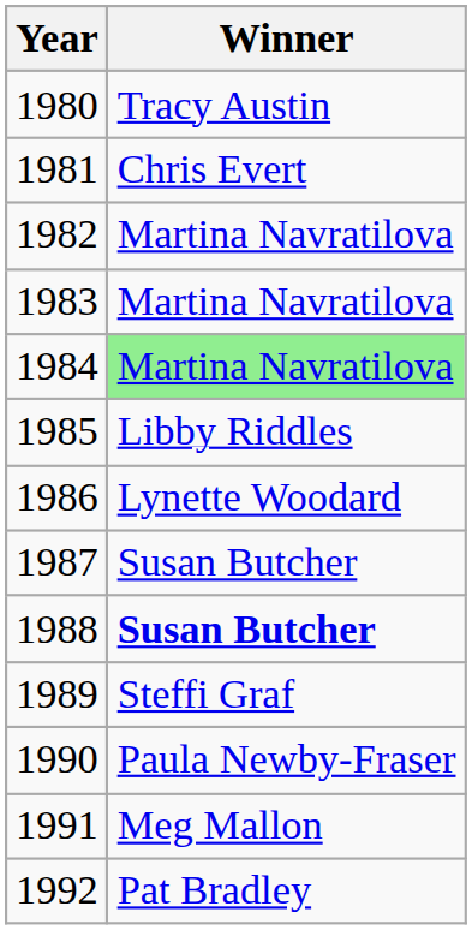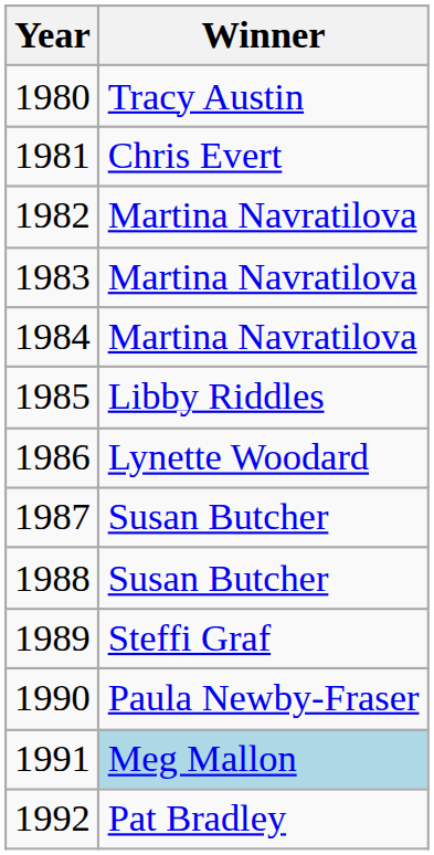 <table class="wikitable sortable">
 <tr>
 <th>Year</th>
 <th>Winner</th>
 </tr>
 <tr>
 <td>1980</td>
 <td><a href='#'>Tracy Austin</a></td>
 </tr>
 <tr>
 <td>1981</td>
 <td><a href='#'>Chris Evert</a></td>
 </tr>
 <tr>
 <td>1982</td>
 <td><a href='#'>Martina Navratilova</a></td>
 </tr>
 <tr>
 <td>1983</td>
 <td><a href='#'>Martina Navratilova</a></td>
 </tr>
 <tr>
 <td>1984</td>
-<td style="background: lightgreen;"><a href='#'>Martina Navratilova</a></td>
+<td><a href='#'>Martina Navratilova</a></td>
 </tr>
 <tr>
 <td>1985</td>
 <td><a href='#'>Libby Riddles</a></td>
 </tr>
 <tr>
 <td>1986</td>
 <td><a href='#'>Lynette Woodard</a></td>
 </tr>
 <tr>
 <td>1987</td>
 <td><a href='#'>Susan Butcher</a></td>
 </tr>
 <tr>
 <td>1988</td>
-<td><strong><a href='#'>Susan Butcher</a></strong></td>
+<td><a href='#'>Susan Butcher</a></td>
 </tr>
 <tr>
 <td>1989</td>
 <td><a href='#'>Steffi Graf</a></td>
 </tr>
 <tr>
 <td>1990</td>
 <td><a href='#'>Paula Newby-Fraser</a></td>
 </tr>
 <tr>
 <td>1991</td>
-<td><a href='#'>Meg Mallon</a></td>
+<td style="background: lightblue;"><a href='#'>Meg Mallon</a></td>
 </tr>
 <tr>
 <td>1992</td>
 <td><a href='#'>Pat Bradley</a></td>
 </tr>
 </table>
